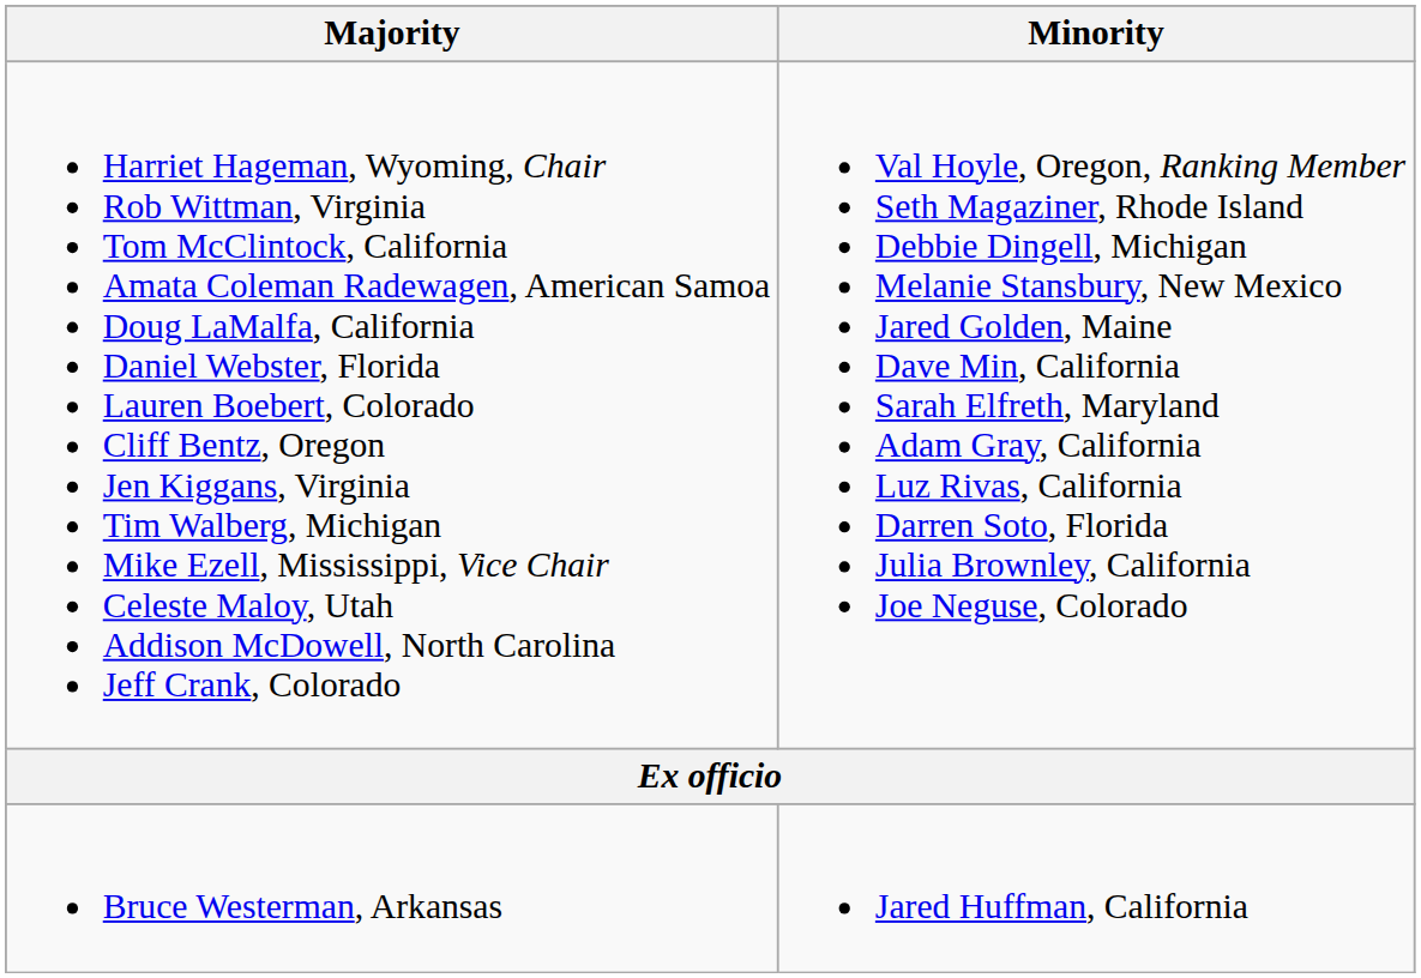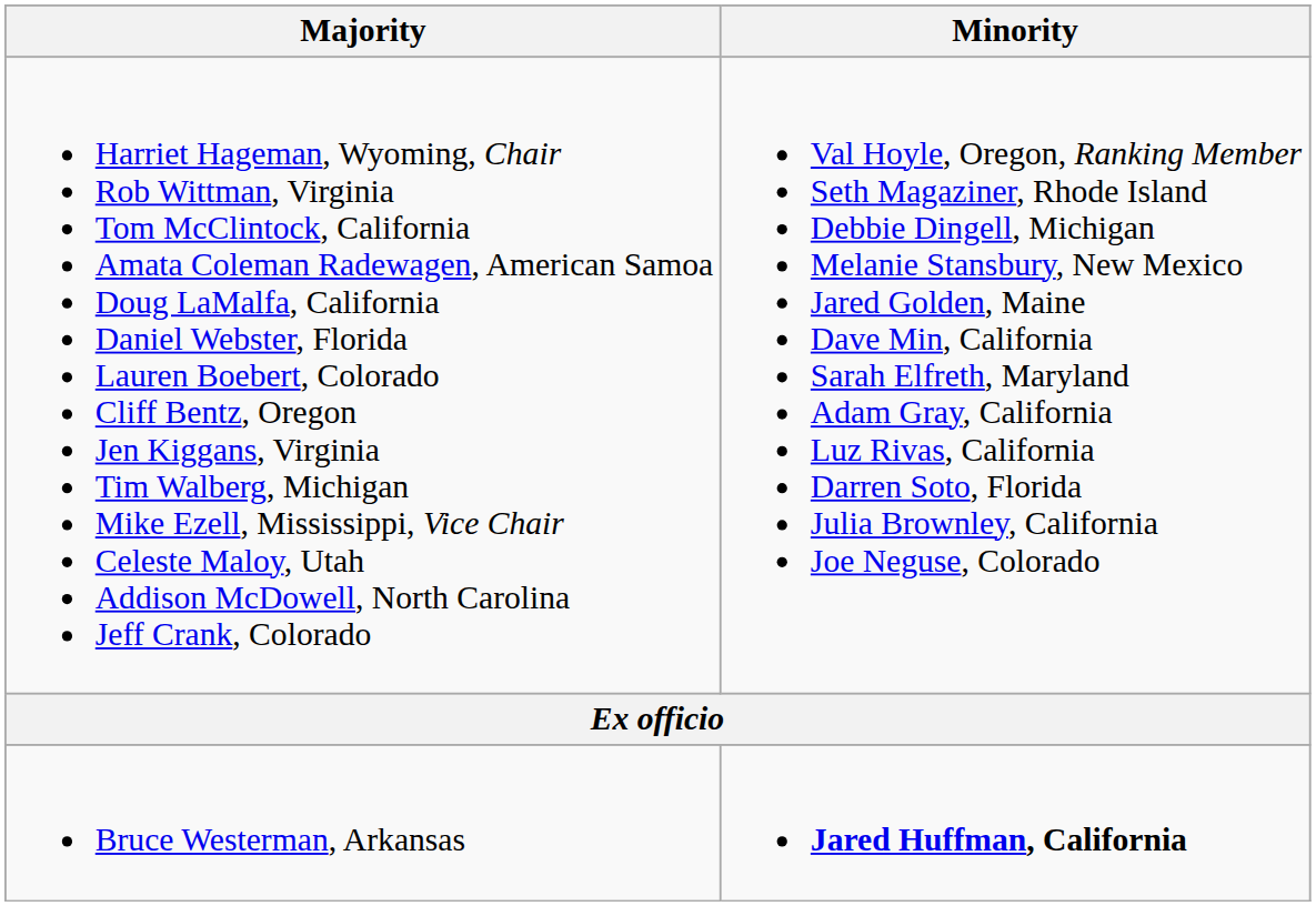 <table class=wikitable>
 <tr>
 <th>Majority</th>
 <th>Minority</th>
 </tr>
 <tr valign=top>
 <td><br><ul><li><a href='#'>Harriet Hageman</a>, Wyoming, <em>Chair</em></li><li><a href='#'>Rob Wittman</a>, Virginia</li><li><a href='#'>Tom McClintock</a>, California</li><li><a href='#'>Amata Coleman Radewagen</a>, American Samoa</li><li><a href='#'>Doug LaMalfa</a>, California</li><li><a href='#'>Daniel Webster</a>, Florida</li><li><a href='#'>Lauren Boebert</a>, Colorado</li><li><a href='#'>Cliff Bentz</a>, Oregon</li><li><a href='#'>Jen Kiggans</a>, Virginia</li><li><a href='#'>Tim Walberg</a>, Michigan</li><li><a href='#'>Mike Ezell</a>, Mississippi, <em>Vice Chair</em></li><li><a href='#'>Celeste Maloy</a>, Utah</li><li><a href='#'>Addison McDowell</a>, North Carolina</li><li><a href='#'>Jeff Crank</a>, Colorado</li></ul></td>
 <td><br><ul><li><a href='#'>Val Hoyle</a>, Oregon, <em>Ranking Member</em></li><li><a href='#'>Seth Magaziner</a>, Rhode Island</li><li><a href='#'>Debbie Dingell</a>, Michigan</li><li><a href='#'>Melanie Stansbury</a>, New Mexico</li><li><a href='#'>Jared Golden</a>, Maine</li><li><a href='#'>Dave Min</a>, California</li><li><a href='#'>Sarah Elfreth</a>, Maryland</li><li><a href='#'>Adam Gray</a>, California</li><li><a href='#'>Luz Rivas</a>, California</li><li><a href='#'>Darren Soto</a>, Florida</li><li><a href='#'>Julia Brownley</a>, California</li><li><a href='#'>Joe Neguse</a>, Colorado</li></ul></td>
 </tr>
 <tr>
 <th colspan=2><em>Ex officio</em></th>
 </tr>
 <tr>
 <td><br><ul><li><a href='#'>Bruce Westerman</a>, Arkansas</li></ul></td>
-<td><br><ul><li><a href='#'>Jared Huffman</a>, California</li></ul></td>
+<td><strong><br><ul><li><a href='#'>Jared Huffman</a>, California</li></ul></strong></td>
 </tr>
 </table>
